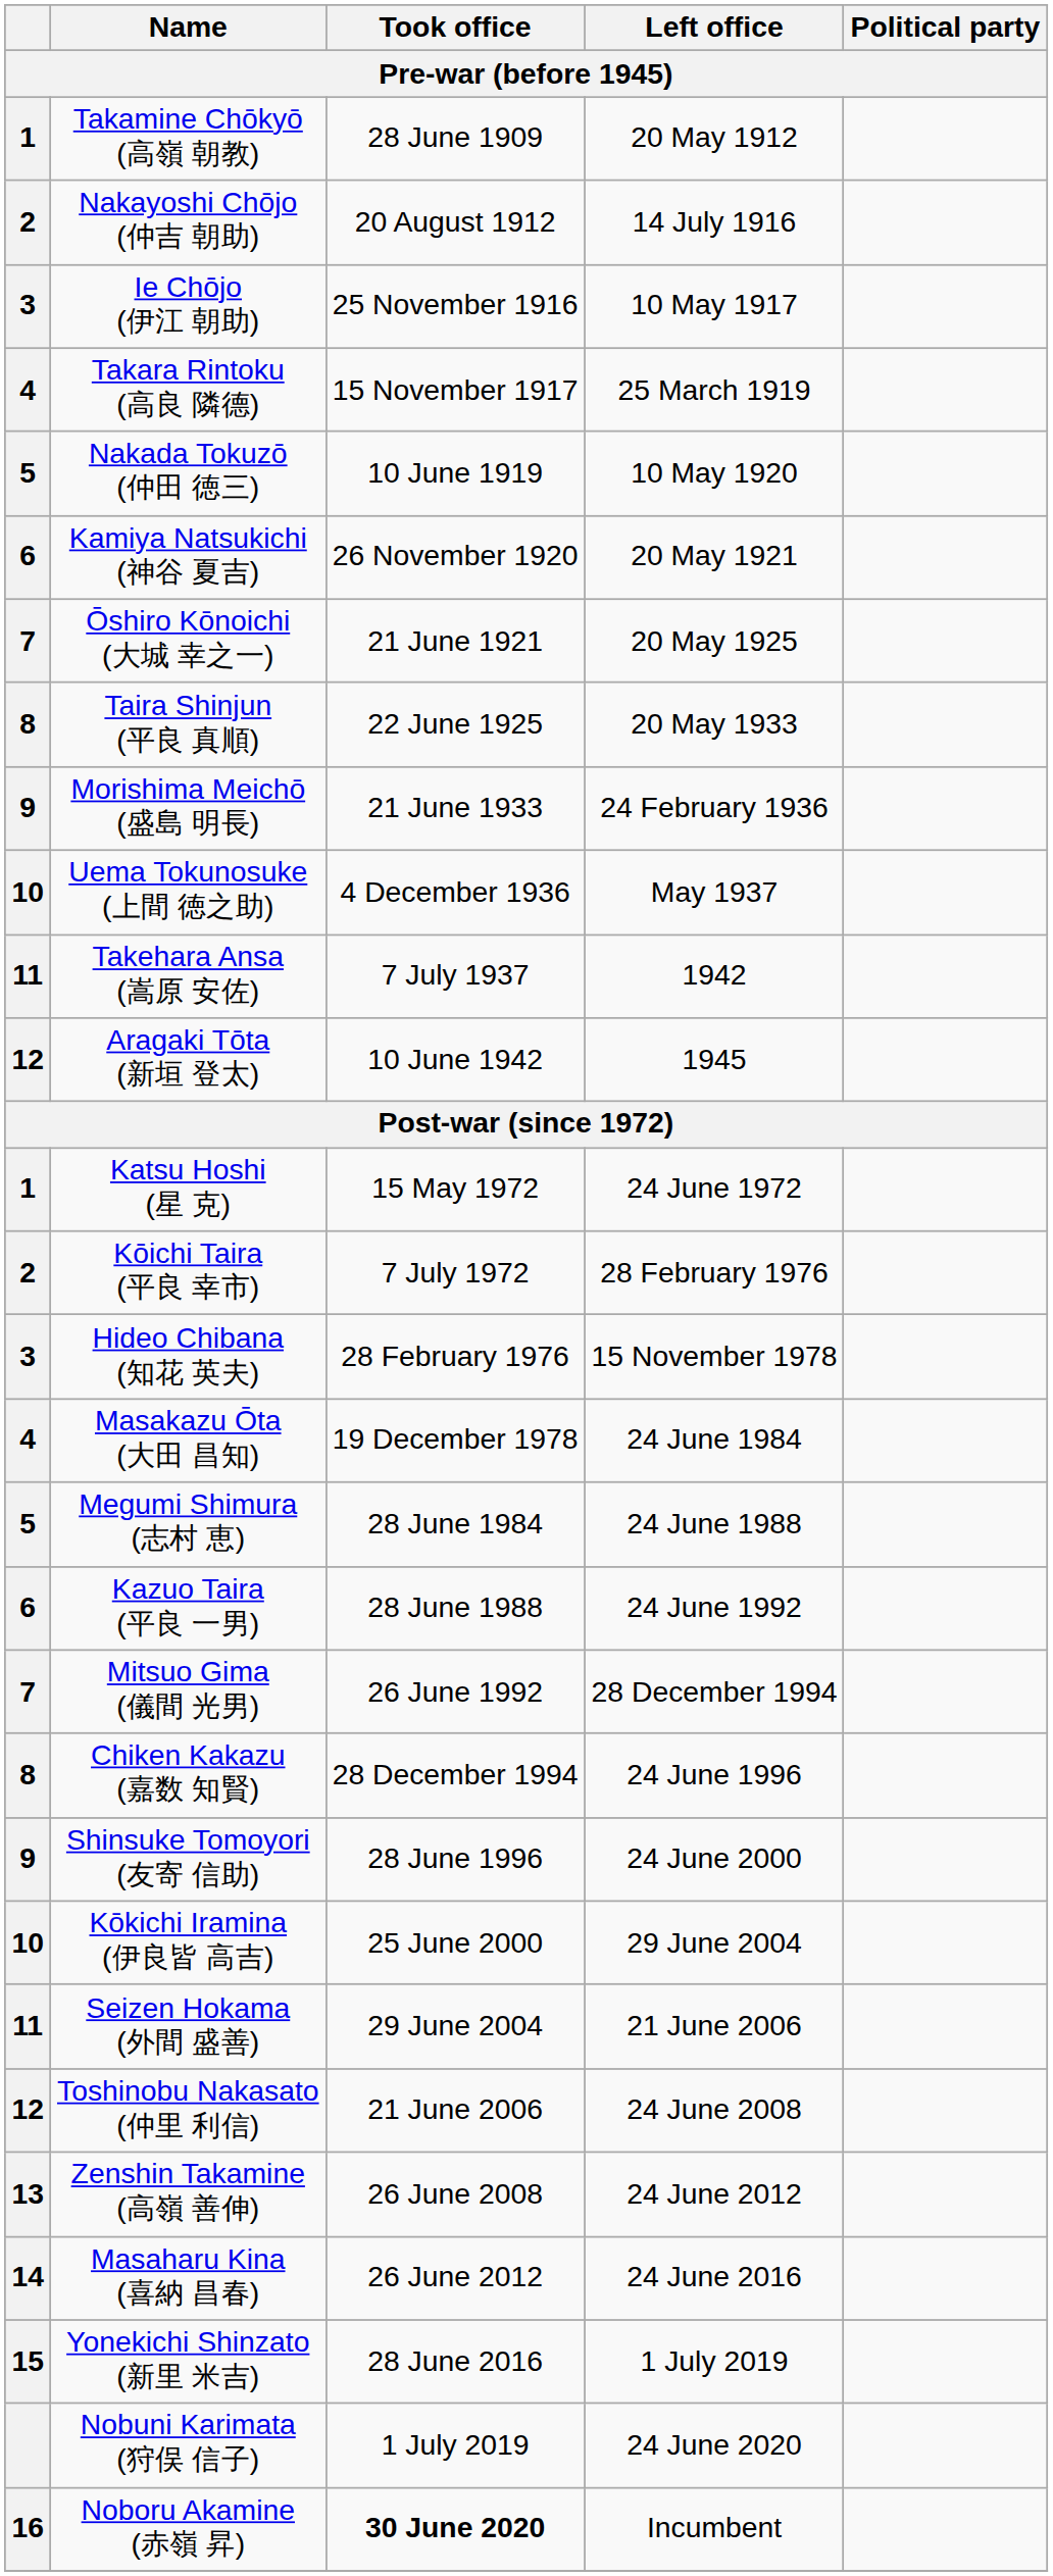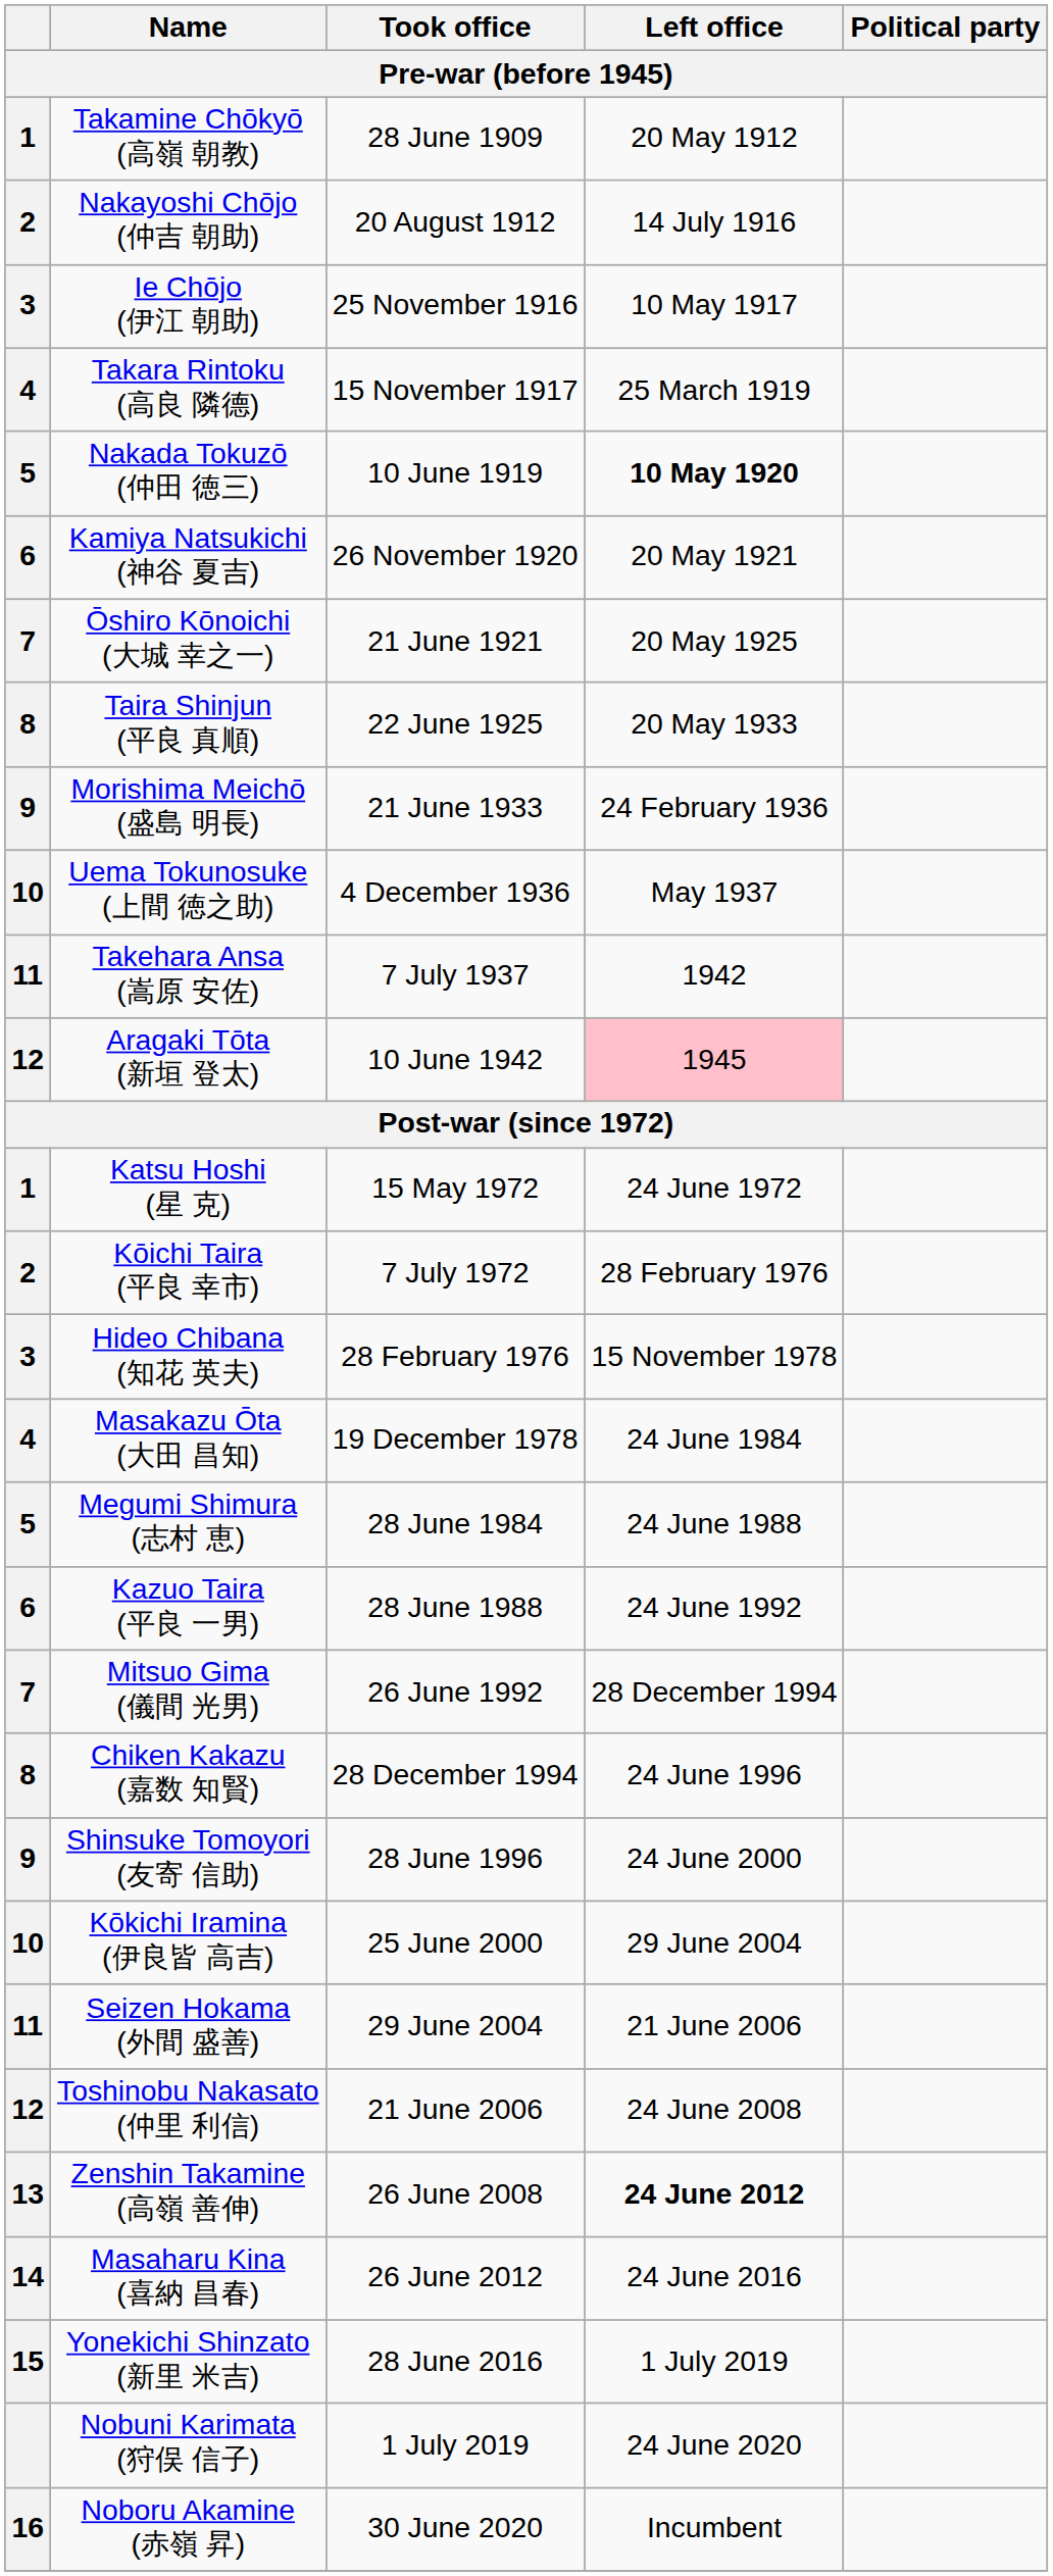 <table class="wikitable" style="text-align:center">
 <tr>
 <th></th>
 <th>Name</th>
 <th>Took office</th>
 <th>Left office</th>
 <th>Political party</th>
 </tr>
 <tr>
 <th colspan="5">Pre-war (before 1945)</th>
 </tr>
 <tr>
 <th>1</th>
 <td><a href='#'>Takamine Chōkyō</a><br>(高嶺 朝教)</td>
 <td>28 June 1909</td>
 <td>20 May 1912</td>
 <td></td>
 </tr>
 <tr>
 <th>2</th>
 <td><a href='#'>Nakayoshi Chōjo</a><br>(仲吉 朝助)</td>
 <td>20 August 1912</td>
 <td>14 July 1916</td>
 <td></td>
 </tr>
 <tr>
 <th>3</th>
 <td><a href='#'>Ie Chōjo</a><br>(伊江 朝助)</td>
 <td>25 November 1916</td>
 <td>10 May 1917</td>
 <td></td>
 </tr>
 <tr>
 <th>4</th>
 <td><a href='#'>Takara Rintoku</a><br>(高良 隣德)</td>
 <td>15 November 1917</td>
 <td>25 March 1919</td>
 <td></td>
 </tr>
 <tr>
 <th>5</th>
 <td><a href='#'>Nakada Tokuzō</a><br>(仲田 徳三)</td>
 <td>10 June 1919</td>
-<td>10 May 1920</td>
+<td><strong>10 May 1920</strong></td>
 <td></td>
 </tr>
 <tr>
 <th>6</th>
 <td><a href='#'>Kamiya Natsukichi</a><br>(神谷 夏吉)</td>
 <td>26 November 1920</td>
 <td>20 May 1921</td>
 <td></td>
 </tr>
 <tr>
 <th>7</th>
 <td><a href='#'>Ōshiro Kōnoichi</a><br>(大城 幸之一)</td>
 <td>21 June 1921</td>
 <td>20 May 1925</td>
 <td></td>
 </tr>
 <tr>
 <th>8</th>
 <td><a href='#'>Taira Shinjun</a><br>(平良 真順)</td>
 <td>22 June 1925</td>
 <td>20 May 1933</td>
 <td></td>
 </tr>
 <tr>
 <th>9</th>
 <td><a href='#'>Morishima Meichō</a><br>(盛島 明長)</td>
 <td>21 June 1933</td>
 <td>24 February 1936</td>
 <td></td>
 </tr>
 <tr>
 <th>10</th>
 <td><a href='#'>Uema Tokunosuke</a><br>(上間 徳之助)</td>
 <td>4 December 1936</td>
 <td>May 1937</td>
 <td></td>
 </tr>
 <tr>
 <th>11</th>
 <td><a href='#'>Takehara Ansa</a><br>(嵩原 安佐)</td>
 <td>7 July 1937</td>
 <td>1942</td>
 <td></td>
 </tr>
 <tr>
 <th>12</th>
 <td><a href='#'>Aragaki Tōta</a><br>(新垣 登太)</td>
 <td>10 June 1942</td>
-<td>1945</td>
+<td style="background: pink;">1945</td>
 <td></td>
 </tr>
 <tr>
 <th colspan="5">Post-war (since 1972)</th>
 </tr>
 <tr>
 <th>1</th>
 <td><a href='#'>Katsu Hoshi</a><br>(星 克)</td>
 <td>15 May 1972</td>
 <td>24 June 1972</td>
 <td></td>
 </tr>
 <tr>
 <th>2</th>
 <td><a href='#'>Kōichi Taira</a><br>(平良 幸市)</td>
 <td>7 July 1972</td>
 <td>28 February 1976</td>
 <td></td>
 </tr>
 <tr>
 <th>3</th>
 <td><a href='#'>Hideo Chibana</a><br>(知花 英夫)</td>
 <td>28 February 1976</td>
 <td>15 November 1978</td>
 <td></td>
 </tr>
 <tr>
 <th>4</th>
 <td><a href='#'>Masakazu Ōta</a><br>(大田 昌知)</td>
 <td>19 December 1978</td>
 <td>24 June 1984</td>
 <td></td>
 </tr>
 <tr>
 <th>5</th>
 <td><a href='#'>Megumi Shimura</a><br>(志村 恵)</td>
 <td>28 June 1984</td>
 <td>24 June 1988</td>
 <td></td>
 </tr>
 <tr>
 <th>6</th>
 <td><a href='#'>Kazuo Taira</a><br>(平良 一男)</td>
 <td>28 June 1988</td>
 <td>24 June 1992</td>
 <td></td>
 </tr>
 <tr>
 <th>7</th>
 <td><a href='#'>Mitsuo Gima</a><br>(儀間 光男)</td>
 <td>26 June 1992</td>
 <td>28 December 1994</td>
 <td></td>
 </tr>
 <tr>
 <th>8</th>
 <td><a href='#'>Chiken Kakazu</a><br>(嘉数 知賢)</td>
 <td>28 December 1994</td>
 <td>24 June 1996</td>
 <td></td>
 </tr>
 <tr>
 <th>9</th>
 <td><a href='#'>Shinsuke Tomoyori</a><br>(友寄 信助)</td>
 <td>28 June 1996</td>
 <td>24 June 2000</td>
 <td></td>
 </tr>
 <tr>
 <th>10</th>
 <td><a href='#'>Kōkichi Iramina</a><br>(伊良皆 高吉)</td>
 <td>25 June 2000</td>
 <td>29 June 2004</td>
 <td></td>
 </tr>
 <tr>
 <th>11</th>
 <td><a href='#'>Seizen Hokama</a><br>(外間 盛善)</td>
 <td>29 June 2004</td>
 <td>21 June 2006</td>
 <td></td>
 </tr>
 <tr>
 <th>12</th>
 <td><a href='#'>Toshinobu Nakasato</a><br>(仲里 利信)</td>
 <td>21 June 2006</td>
 <td>24 June 2008</td>
 <td></td>
 </tr>
 <tr>
 <th>13</th>
 <td><a href='#'>Zenshin Takamine</a><br>(高嶺 善伸)</td>
 <td>26 June 2008</td>
-<td>24 June 2012</td>
+<td><strong>24 June 2012</strong></td>
 <td></td>
 </tr>
 <tr>
 <th>14</th>
 <td><a href='#'>Masaharu Kina</a><br>(喜納 昌春)</td>
 <td>26 June 2012</td>
 <td>24 June 2016</td>
 <td></td>
 </tr>
 <tr>
 <th>15</th>
 <td><a href='#'>Yonekichi Shinzato</a><br>(新里 米吉)</td>
 <td>28 June 2016</td>
 <td>1 July 2019</td>
 <td></td>
 </tr>
 <tr>
 <th><em></em></th>
 <td><a href='#'>Nobuni Karimata</a><br>(狩俣 信子)</td>
 <td>1 July 2019</td>
 <td>24 June 2020</td>
 <td></td>
 </tr>
 <tr>
 <th>16</th>
 <td><a href='#'>Noboru Akamine</a><br>(赤嶺 昇)</td>
-<td><strong>30 June 2020</strong></td>
+<td>30 June 2020</td>
 <td>Incumbent</td>
 <td></td>
 </tr>
 <tr>
 </tr>
 </table>
